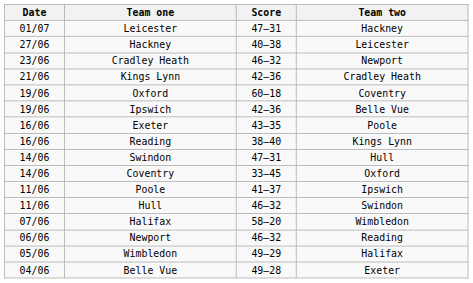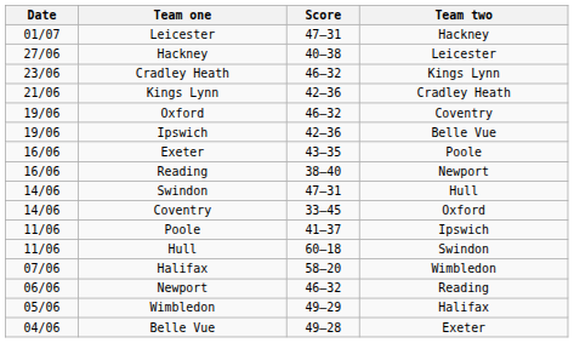 <table class="wikitable" style="text-align: center">
 <tr>
 <th width=80>Date</th>
 <th width=250>Team one</th>
 <th width=80>Score</th>
 <th width=250>Team two</th>
 </tr>
 <tr>
 <td>01/07</td>
 <td>Leicester</td>
 <td>47–31</td>
 <td>Hackney</td>
 </tr>
 <tr>
 <td>27/06</td>
 <td>Hackney</td>
 <td>40–38</td>
 <td>Leicester</td>
 </tr>
 <tr>
 <td>23/06</td>
 <td>Cradley Heath</td>
 <td>46–32</td>
-<td>Newport</td>
+<td>Kings Lynn</td>
 </tr>
 <tr>
 <td>21/06</td>
 <td>Kings Lynn</td>
 <td>42–36</td>
 <td>Cradley Heath</td>
 </tr>
 <tr>
 <td>19/06</td>
 <td>Oxford</td>
-<td>60–18</td>
+<td>46–32</td>
 <td>Coventry</td>
 </tr>
 <tr>
 <td>19/06</td>
 <td>Ipswich</td>
 <td>42–36</td>
 <td>Belle Vue</td>
 </tr>
 <tr>
 <td>16/06</td>
 <td>Exeter</td>
 <td>43–35</td>
 <td>Poole</td>
 </tr>
 <tr>
 <td>16/06</td>
 <td>Reading</td>
 <td>38–40</td>
-<td>Kings Lynn</td>
+<td>Newport</td>
 </tr>
 <tr>
 <td>14/06</td>
 <td>Swindon</td>
 <td>47–31</td>
 <td>Hull</td>
 </tr>
 <tr>
 <td>14/06</td>
 <td>Coventry</td>
 <td>33–45</td>
 <td>Oxford</td>
 </tr>
 <tr>
 <td>11/06</td>
 <td>Poole</td>
 <td>41–37</td>
 <td>Ipswich</td>
 </tr>
 <tr>
 <td>11/06</td>
 <td>Hull</td>
-<td>46–32</td>
+<td>60–18</td>
 <td>Swindon</td>
 </tr>
 <tr>
 <td>07/06</td>
 <td>Halifax</td>
 <td>58–20</td>
 <td>Wimbledon</td>
 </tr>
 <tr>
 <td>06/06</td>
 <td>Newport</td>
 <td>46–32</td>
 <td>Reading</td>
 </tr>
 <tr>
 <td>05/06</td>
 <td>Wimbledon</td>
 <td>49–29</td>
 <td>Halifax</td>
 </tr>
 <tr>
 <td>04/06</td>
 <td>Belle Vue</td>
 <td>49–28</td>
 <td>Exeter</td>
 </tr>
 </table>
